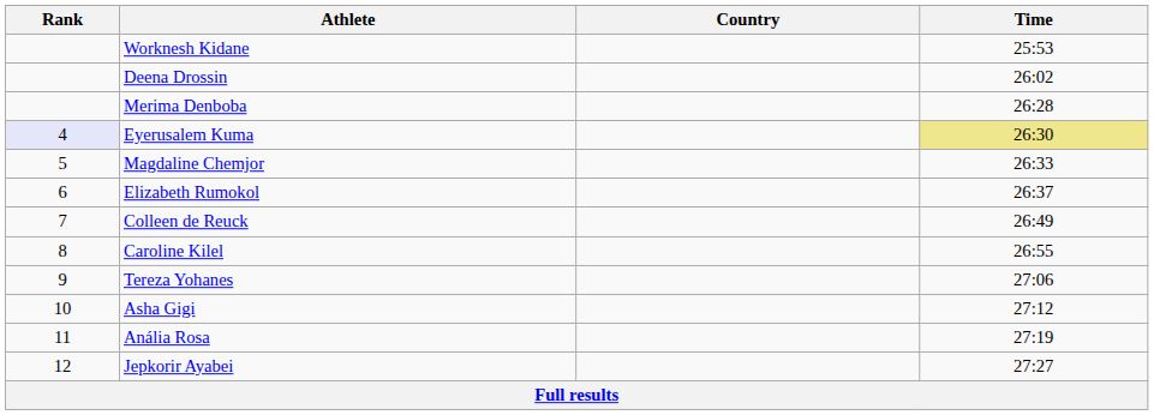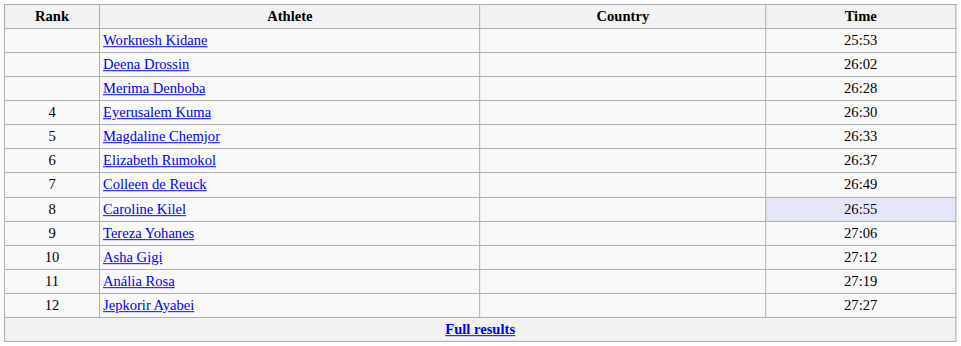 <table class="wikitable sortable" style=" text-align:center; font-size:95%;" width="50%">
 <tr>
 </tr>
 <tr>
 <th width=5%>Rank</th>
 <th width=20%>Athlete</th>
 <th width=15%>Country</th>
 <th width=10%>Time</th>
 </tr>
 <tr>
 <td align=center></td>
 <td align=left><a href='#'>Worknesh Kidane</a></td>
 <td align=left></td>
 <td>25:53</td>
 </tr>
 <tr>
 <td align=center></td>
 <td align=left><a href='#'>Deena Drossin</a></td>
 <td align=left></td>
 <td>26:02</td>
 </tr>
 <tr>
 <td align=center></td>
 <td align=left><a href='#'>Merima Denboba</a></td>
 <td align=left></td>
 <td>26:28</td>
 </tr>
 <tr>
-<td align=center style="background: lavender;">4</td>
+<td align=center>4</td>
 <td align=left><a href='#'>Eyerusalem Kuma</a></td>
 <td align=left></td>
-<td style="background: khaki;">26:30</td>
+<td>26:30</td>
 </tr>
 <tr>
 <td align=center>5</td>
 <td align=left><a href='#'>Magdaline Chemjor</a></td>
 <td align=left></td>
 <td>26:33</td>
 </tr>
 <tr>
 <td align=center>6</td>
 <td align=left><a href='#'>Elizabeth Rumokol</a></td>
 <td align=left></td>
 <td>26:37</td>
 </tr>
 <tr>
 <td align=center>7</td>
 <td align=left><a href='#'>Colleen de Reuck</a></td>
 <td align=left></td>
 <td>26:49</td>
 </tr>
 <tr>
 <td align=center>8</td>
 <td align=left><a href='#'>Caroline Kilel</a></td>
 <td align=left></td>
-<td>26:55</td>
+<td style="background: lavender;">26:55</td>
 </tr>
 <tr>
 <td align=center>9</td>
 <td align=left><a href='#'>Tereza Yohanes</a></td>
 <td align=left></td>
 <td>27:06</td>
 </tr>
 <tr>
 <td align=center>10</td>
 <td align=left><a href='#'>Asha Gigi</a></td>
 <td align=left></td>
 <td>27:12</td>
 </tr>
 <tr>
 <td align=center>11</td>
 <td align=left><a href='#'>Anália Rosa</a></td>
 <td align=left></td>
 <td>27:19</td>
 </tr>
 <tr>
 <td align=center>12</td>
 <td align=left><a href='#'>Jepkorir Ayabei</a></td>
 <td align=left></td>
 <td>27:27</td>
 </tr>
 <tr class="sortbottom">
 <th colspan=4 align=center><a href='#'>Full results</a></th>
 </tr>
 </table>
